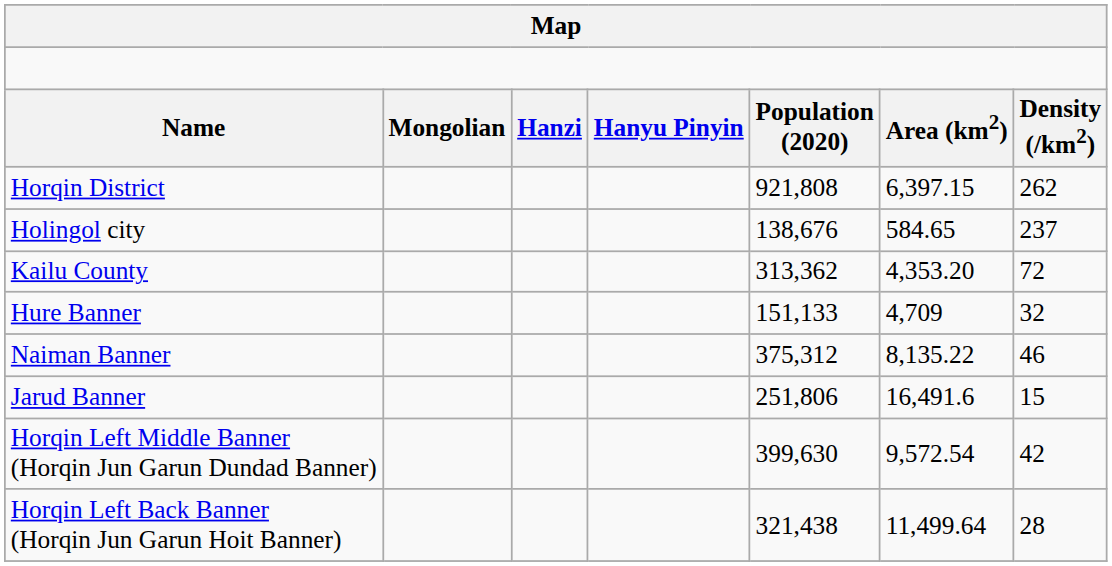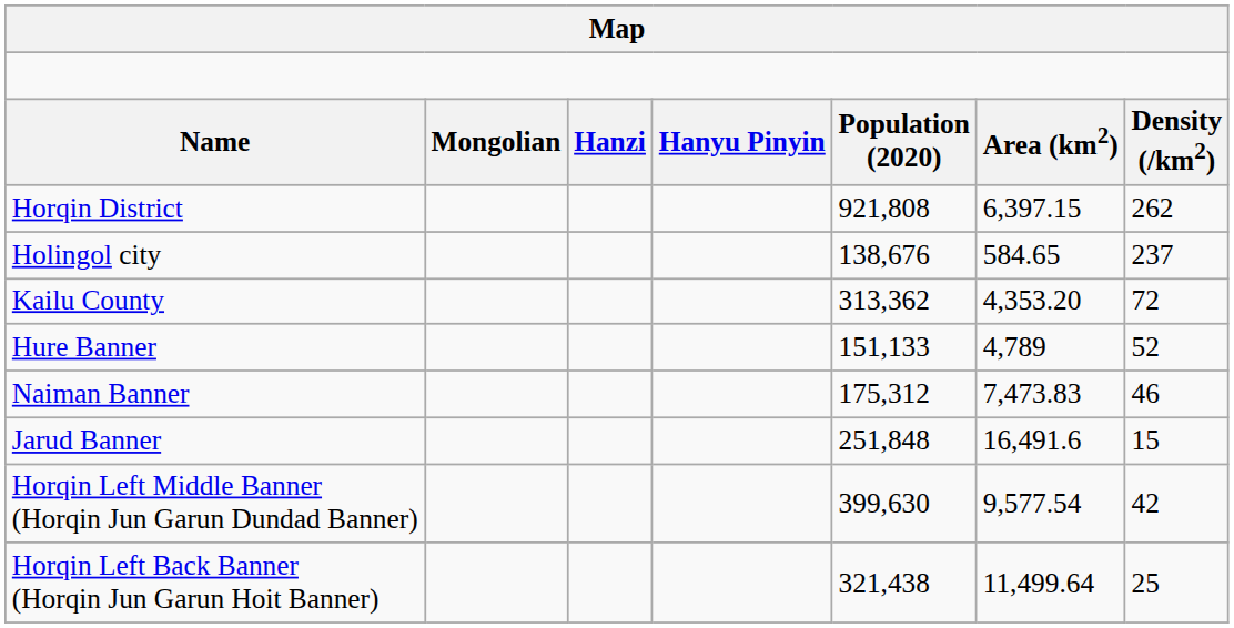 <table class="wikitable"  style="font-size:90%;" align=center>
 <tr>
 <th colspan="8" align="center">Map</th>
 </tr>
 <tr>
 <td colspan="8" align="center"><div><br>           </div></td>
 </tr>
 <tr>
 <th>Name</th>
 <th>Mongolian</th>
 <th><a href='#'>Hanzi</a></th>
 <th><a href='#'>Hanyu Pinyin</a></th>
 <th>Population<br>(2020)</th>
 <th>Area (km<sup>2</sup>)</th>
 <th>Density<br>(/km<sup>2</sup>)</th>
 </tr>
 <tr>
 <td><a href='#'>Horqin District</a></td>
 <td><br></td>
 <td></td>
 <td></td>
 <td>921,808</td>
 <td>6,397.15</td>
 <td>262</td>
 </tr>
 <tr>
 <td><a href='#'>Holingol</a> city</td>
 <td><br></td>
 <td></td>
 <td></td>
 <td>138,676</td>
 <td>584.65</td>
 <td>237</td>
 </tr>
 <tr>
 <td><a href='#'>Kailu County</a></td>
 <td><br></td>
 <td></td>
 <td></td>
 <td>313,362</td>
 <td>4,353.20</td>
 <td>72</td>
 </tr>
 <tr>
 <td><a href='#'>Hure Banner</a></td>
 <td><br></td>
 <td></td>
 <td></td>
 <td>151,133</td>
-<td>4,709</td>
-<td>32</td>
+<td>4,789</td>
+<td>52</td>
 </tr>
 <tr>
 <td><a href='#'>Naiman Banner</a></td>
 <td><br></td>
 <td></td>
 <td></td>
-<td>375,312</td>
-<td>8,135.22</td>
+<td>175,312</td>
+<td>7,473.83</td>
 <td>46</td>
 </tr>
 <tr>
 <td><a href='#'>Jarud Banner</a></td>
 <td><br></td>
 <td></td>
 <td></td>
-<td>251,806</td>
+<td>251,848</td>
 <td>16,491.6</td>
 <td>15</td>
 </tr>
 <tr>
 <td><a href='#'>Horqin Left Middle Banner</a><br>(Horqin Jun Garun Dundad Banner)</td>
 <td><br></td>
 <td></td>
 <td></td>
 <td>399,630</td>
-<td>9,572.54</td>
+<td>9,577.54</td>
 <td>42</td>
 </tr>
 <tr>
 <td><a href='#'>Horqin Left Back Banner</a><br>(Horqin Jun Garun Hoit Banner)</td>
 <td><br></td>
 <td></td>
 <td></td>
 <td>321,438</td>
 <td>11,499.64</td>
-<td>28</td>
+<td>25</td>
 </tr>
 </table>
